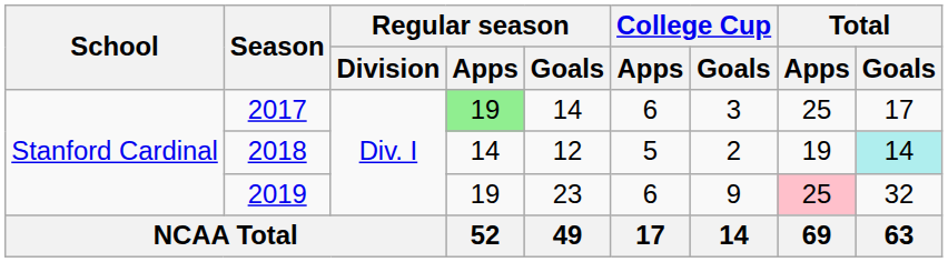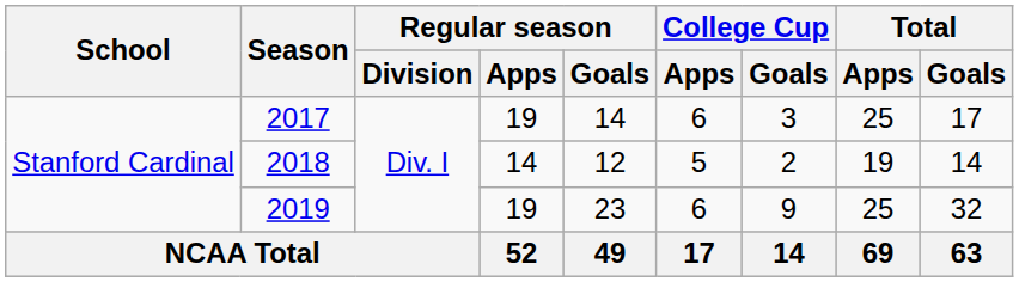 <table class="wikitable" style="text-align: center;">
 <tr>
 <th rowspan=2>School</th>
 <th rowspan=2>Season</th>
 <th colspan=3>Regular season</th>
 <th colspan=2><a href='#'>College Cup</a></th>
 <th colspan=2>Total</th>
 </tr>
 <tr>
 <th>Division</th>
 <th>Apps</th>
 <th>Goals</th>
 <th>Apps</th>
 <th>Goals</th>
 <th>Apps</th>
 <th>Goals</th>
 </tr>
 <tr>
 <td rowspan=3><a href='#'>Stanford Cardinal</a></td>
 <td><a href='#'>2017</a></td>
 <td rowspan=3><a href='#'>Div. I</a></td>
-<td style="background: lightgreen;">19</td>
+<td>19</td>
 <td>14</td>
 <td>6</td>
 <td>3</td>
 <td>25</td>
 <td>17</td>
 </tr>
 <tr>
 <td><a href='#'>2018</a></td>
 <td>14</td>
 <td>12</td>
 <td>5</td>
 <td>2</td>
 <td>19</td>
-<td style="background: paleturquoise;">14</td>
+<td>14</td>
 </tr>
 <tr>
 <td><a href='#'>2019</a></td>
 <td>19</td>
 <td>23</td>
 <td>6</td>
 <td>9</td>
-<td style="background: pink;">25</td>
+<td>25</td>
 <td>32</td>
 </tr>
 <tr>
 <th colspan=3>NCAA Total</th>
 <th>52</th>
 <th>49</th>
 <th>17</th>
 <th>14</th>
 <th>69</th>
 <th>63</th>
 </tr>
 </table>
